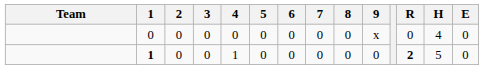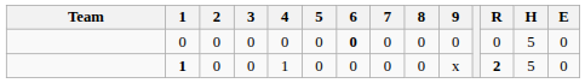 <table border=1 cellspacing=0 width=600 style="margin-left:3em;" class="wikitable">
 <tr style="text-align:center; background-color:#e6e6e6;">
 <th align=left width=28%>Team</th>
 <th width=6%>1</th>
 <th width=6%>2</th>
 <th width=6%>3</th>
 <th width=6%>4</th>
 <th width=6%>5</th>
 <th width=6%>6</th>
 <th width=6%>7</th>
 <th width=6%>8</th>
 <th width=6%>9</th>
 <th rowspan="3" width=0.5%></th>
 <th width=6%>R</th>
 <th width=6%>H</th>
 <th width=6%>E</th>
 </tr>
 <tr style="text-align:center;">
 <td align=left></td>
 <td>0</td>
 <td>0</td>
 <td>0</td>
 <td>0</td>
 <td>0</td>
+<td><strong>0</strong></td>
 <td>0</td>
 <td>0</td>
 <td>0</td>
-<td>x</td>
 <td>0</td>
-<td>4</td>
+<td>5</td>
 <td>0</td>
 </tr>
 <tr style="text-align:center;">
 <td align=left></td>
 <td><strong>1</strong></td>
 <td>0</td>
 <td>0</td>
 <td>1</td>
 <td>0</td>
 <td>0</td>
 <td>0</td>
 <td>0</td>
-<td>0</td>
+<td>x</td>
 <td><strong>2</strong></td>
 <td>5</td>
 <td>0</td>
 </tr>
 </table>
